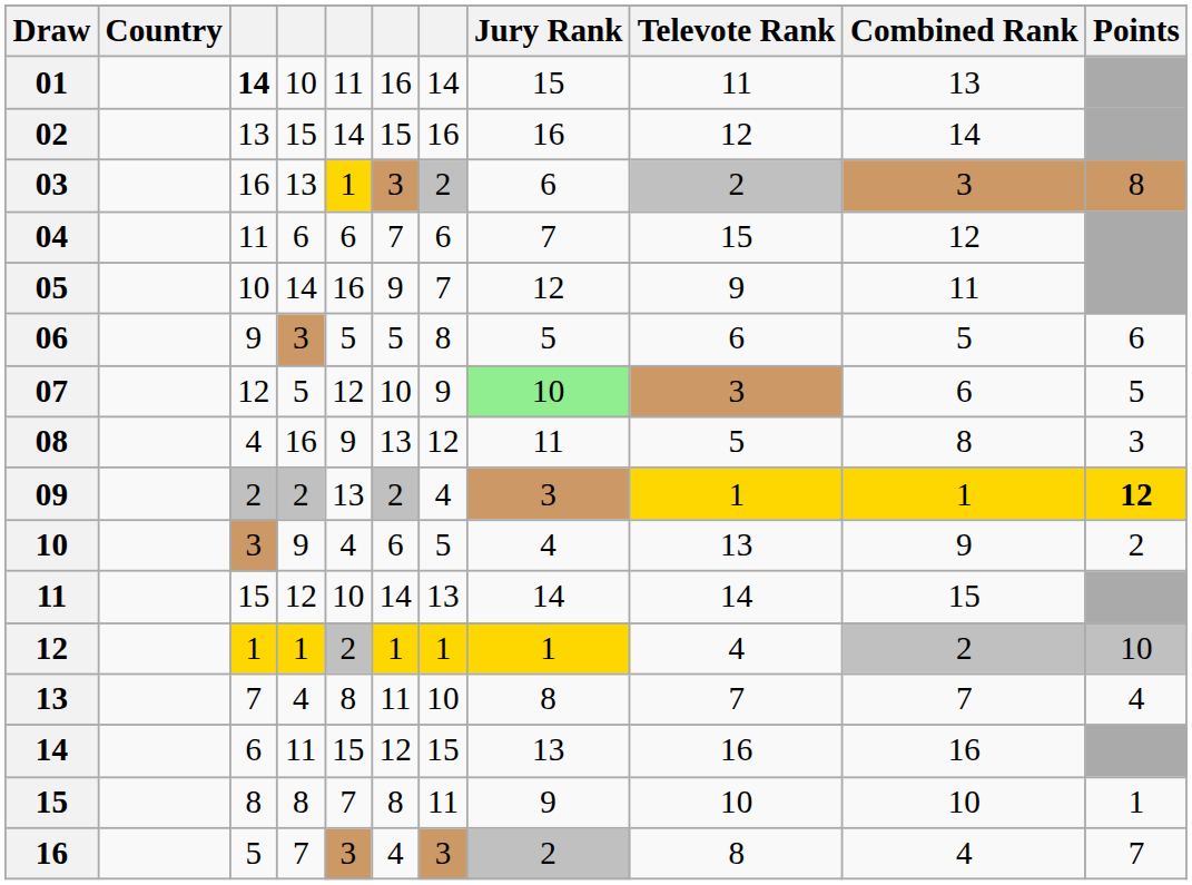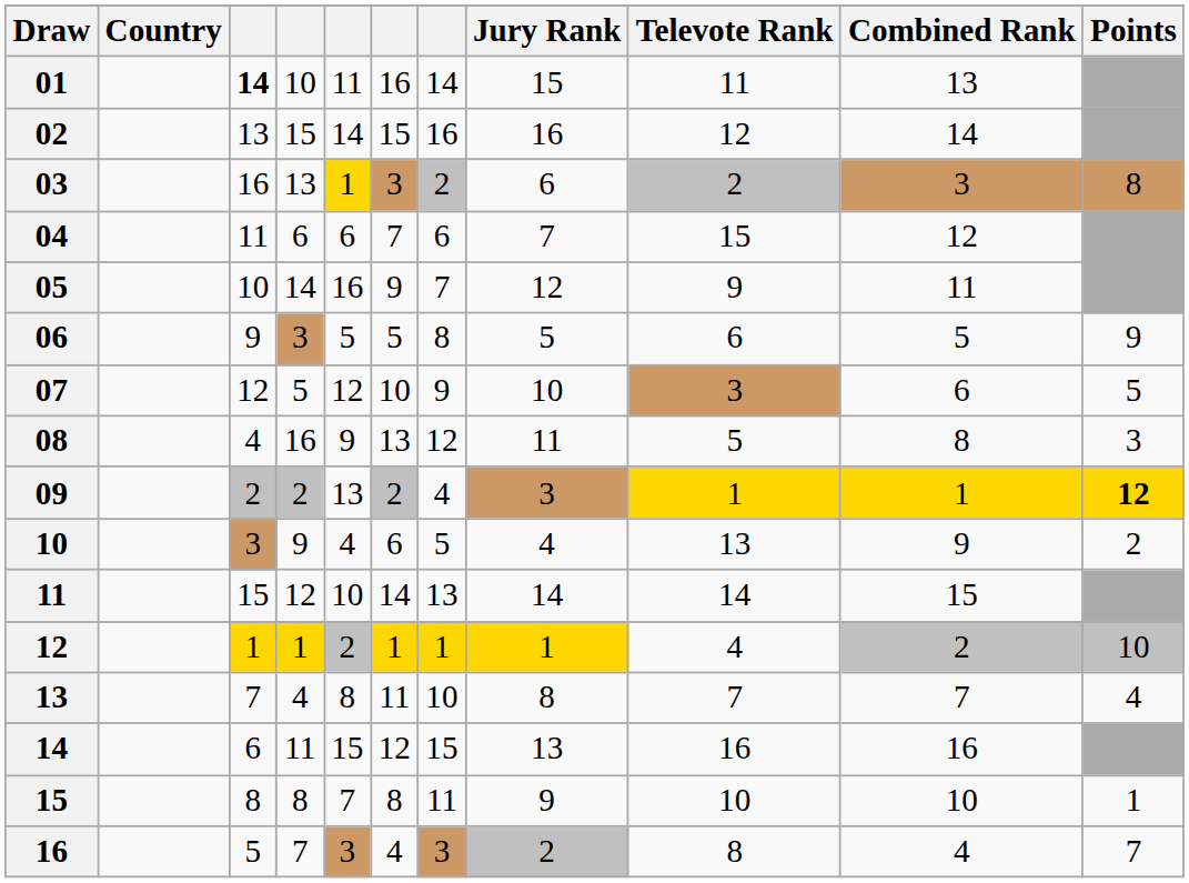 <table class="sortable wikitable collapsible plainrowheaders" style="text-align:center;">
 <tr>
 </tr>
 <tr>
 <th scope="col">Draw</th>
 <th scope="col">Country</th>
 <th scope="col"><small></small></th>
 <th scope="col"><small></small></th>
 <th scope="col"><small></small></th>
 <th scope="col"><small></small></th>
 <th scope="col"><small></small></th>
 <th scope="col">Jury Rank</th>
 <th scope="col">Televote Rank</th>
 <th scope="col">Combined Rank</th>
 <th scope="col">Points</th>
 </tr>
 <tr>
 <th scope="row" style="text-align:center;">01</th>
 <td style="text-align:left;"></td>
 <td><strong>14</strong></td>
 <td>10</td>
 <td>11</td>
 <td>16</td>
 <td>14</td>
 <td>15</td>
 <td>11</td>
 <td>13</td>
 <td style="background:#AAAAAA;"></td>
 </tr>
 <tr>
 <th scope="row" style="text-align:center;">02</th>
 <td style="text-align:left;"></td>
 <td>13</td>
 <td>15</td>
 <td>14</td>
 <td>15</td>
 <td>16</td>
 <td>16</td>
 <td>12</td>
 <td>14</td>
 <td style="background:#AAAAAA;"></td>
 </tr>
 <tr>
 <th scope="row" style="text-align:center;">03</th>
 <td style="text-align:left;"></td>
 <td>16</td>
 <td>13</td>
 <td style="background:gold;">1</td>
 <td style="background:#CC9966;">3</td>
 <td style="background:silver;">2</td>
 <td>6</td>
 <td style="background:silver;">2</td>
 <td style="background:#CC9966;">3</td>
 <td style="background:#CC9966;">8</td>
 </tr>
 <tr>
 <th scope="row" style="text-align:center;">04</th>
 <td style="text-align:left;"></td>
 <td>11</td>
 <td>6</td>
 <td>6</td>
 <td>7</td>
 <td>6</td>
 <td>7</td>
 <td>15</td>
 <td>12</td>
 <td style="background:#AAAAAA;"></td>
 </tr>
 <tr>
 <th scope="row" style="text-align:center;">05</th>
 <td style="text-align:left;"></td>
 <td>10</td>
 <td>14</td>
 <td>16</td>
 <td>9</td>
 <td>7</td>
 <td>12</td>
 <td>9</td>
 <td>11</td>
 <td style="background:#AAAAAA;"></td>
 </tr>
 <tr>
 <th scope="row" style="text-align:center;">06</th>
 <td style="text-align:left;"></td>
 <td>9</td>
 <td style="background:#CC9966;">3</td>
 <td>5</td>
 <td>5</td>
 <td>8</td>
 <td>5</td>
 <td>6</td>
 <td>5</td>
-<td>6</td>
+<td>9</td>
 </tr>
 <tr>
 <th scope="row" style="text-align:center;">07</th>
 <td style="text-align:left;"></td>
 <td>12</td>
 <td>5</td>
 <td>12</td>
 <td>10</td>
 <td>9</td>
-<td style="background: lightgreen;">10</td>
+<td>10</td>
 <td style="background:#CC9966;">3</td>
 <td>6</td>
 <td>5</td>
 </tr>
 <tr>
 <th scope="row" style="text-align:center;">08</th>
 <td style="text-align:left;"></td>
 <td>4</td>
 <td>16</td>
 <td>9</td>
 <td>13</td>
 <td>12</td>
 <td>11</td>
 <td>5</td>
 <td>8</td>
 <td>3</td>
 </tr>
 <tr>
 <th scope="row" style="text-align:center;">09</th>
 <td style="text-align:left;"></td>
 <td style="background:silver;">2</td>
 <td style="background:silver;">2</td>
 <td>13</td>
 <td style="background:silver;">2</td>
 <td>4</td>
 <td style="background:#CC9966;">3</td>
 <td style="background:gold;">1</td>
 <td style="background:gold;">1</td>
 <td style="background:gold;"><strong>12</strong></td>
 </tr>
 <tr>
 <th scope="row" style="text-align:center;">10</th>
 <td style="text-align:left;"></td>
 <td style="background:#CC9966;">3</td>
 <td>9</td>
 <td>4</td>
 <td>6</td>
 <td>5</td>
 <td>4</td>
 <td>13</td>
 <td>9</td>
 <td>2</td>
 </tr>
 <tr>
 <th scope="row" style="text-align:center;">11</th>
 <td style="text-align:left;"></td>
 <td>15</td>
 <td>12</td>
 <td>10</td>
 <td>14</td>
 <td>13</td>
 <td>14</td>
 <td>14</td>
 <td>15</td>
 <td style="background:#AAAAAA;"></td>
 </tr>
 <tr>
 <th scope="row" style="text-align:center;">12</th>
 <td style="text-align:left;"></td>
 <td style="background:gold;">1</td>
 <td style="background:gold;">1</td>
 <td style="background:silver;">2</td>
 <td style="background:gold;">1</td>
 <td style="background:gold;">1</td>
 <td style="background:gold;">1</td>
 <td>4</td>
 <td style="background:silver;">2</td>
 <td style="background:silver;">10</td>
 </tr>
 <tr>
 <th scope="row" style="text-align:center;">13</th>
 <td style="text-align:left;"></td>
 <td>7</td>
 <td>4</td>
 <td>8</td>
 <td>11</td>
 <td>10</td>
 <td>8</td>
 <td>7</td>
 <td>7</td>
 <td>4</td>
 </tr>
 <tr>
 <th scope="row" style="text-align:center;">14</th>
 <td style="text-align:left;"></td>
 <td>6</td>
 <td>11</td>
 <td>15</td>
 <td>12</td>
 <td>15</td>
 <td>13</td>
 <td>16</td>
 <td>16</td>
 <td style="background:#AAAAAA;"></td>
 </tr>
 <tr>
 <th scope="row" style="text-align:center;">15</th>
 <td style="text-align:left;"></td>
 <td>8</td>
 <td>8</td>
 <td>7</td>
 <td>8</td>
 <td>11</td>
 <td>9</td>
 <td>10</td>
 <td>10</td>
 <td>1</td>
 </tr>
 <tr>
 <th scope="row" style="text-align:center;">16</th>
 <td style="text-align:left;"></td>
 <td>5</td>
 <td>7</td>
 <td style="background:#CC9966;">3</td>
 <td>4</td>
 <td style="background:#CC9966;">3</td>
 <td style="background:silver;">2</td>
 <td>8</td>
 <td>4</td>
 <td>7</td>
 </tr>
 </table>
